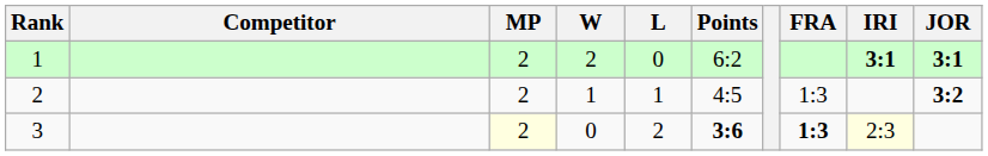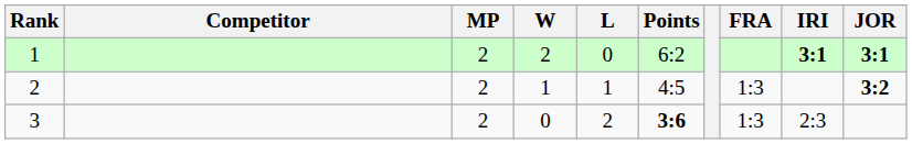 <table class="wikitable" style="text-align:center">
 <tr>
 <th>Rank</th>
 <th style="width:18em">Competitor</th>
 <th style="width:2.5em">MP</th>
 <th style="width:2.5em">W</th>
 <th style="width:2.5em">L</th>
 <th>Points</th>
 <th rowspan="4"> </th>
 <th style="width:2.5em">FRA</th>
 <th style="width:2.5em">IRI</th>
 <th style="width:2.5em">JOR</th>
 </tr>
 <tr style="background:#cfc;">
 <td>1</td>
 <td style="text-align:left"></td>
 <td>2</td>
 <td>2</td>
 <td>0</td>
 <td>6:2</td>
 <td></td>
 <td><strong>3:1</strong></td>
 <td><strong>3:1</strong></td>
 </tr>
 <tr>
 <td>2</td>
 <td style="text-align:left"></td>
 <td>2</td>
 <td>1</td>
 <td>1</td>
 <td>4:5</td>
 <td>1:3</td>
 <td></td>
 <td><strong>3:2</strong></td>
 </tr>
 <tr>
 <td>3</td>
 <td style="text-align:left"></td>
-<td style="background: lightyellow;">2</td>
+<td>2</td>
 <td>0</td>
 <td>2</td>
 <td><strong>3:6</strong></td>
-<td><strong>1:3</strong></td>
-<td style="background: lightyellow;">2:3</td>
+<td>1:3</td>
+<td>2:3</td>
 <td></td>
 </tr>
 </table>
